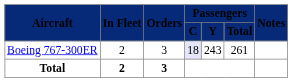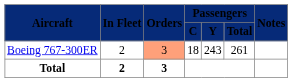 <table class="toccolours" border="1" cellpadding="3" style="border-collapse:collapse;margin:1em auto;">
 <tr bgcolor=#062A78>
 <th rowspan=2><span>Aircraft</span></th>
 <th rowspan=2><span>In Fleet</span></th>
 <th rowspan=2><span>Orders</span></th>
 <th colspan=3><span>Passengers</span></th>
 <th rowspan=2><span>Notes</span></th>
 </tr>
 <tr bgcolor=#062A78>
 <th><span>C</span></th>
 <th><span>Y</span></th>
 <th><span>Total</span></th>
 </tr>
 <tr>
 <td><a href='#'>Boeing 767-300ER</a></td>
 <td align=center>2</td>
-<td align=center>3</td>
-<td align=center style="background: lavender;">18</td>
+<td align=center style="background: lightsalmon;">3</td>
+<td align=center>18</td>
 <td align=center>243</td>
 <td align=center>261</td>
 <td align=center></td>
 </tr>
 <tr>
 <th>Total</th>
 <th>2</th>
 <th>3</th>
 <th colspan="3"></th>
 <th></th>
 </tr>
 </table>
